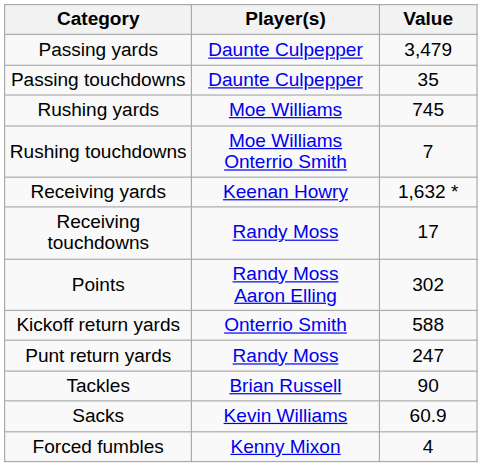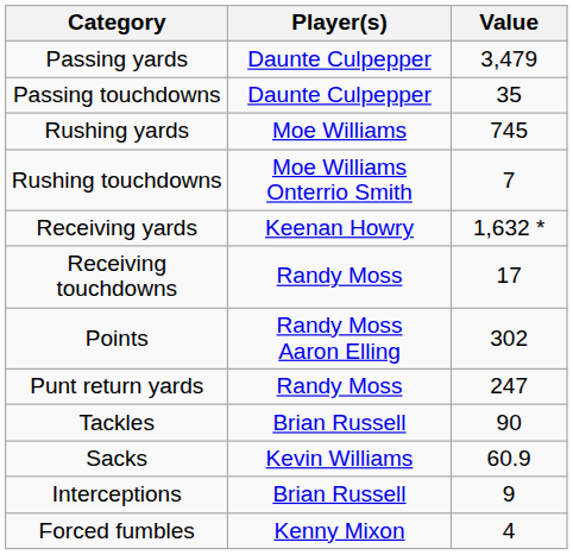 <table class="wikitable" style="text-align:center">
 <tr>
 <th width=150px>Category</th>
 <th width=150px>Player(s)</th>
 <th width=75px>Value</th>
 </tr>
 <tr>
 <td>Passing yards</td>
 <td><a href='#'>Daunte Culpepper</a></td>
 <td>3,479</td>
 </tr>
 <tr>
 <td>Passing touchdowns</td>
 <td><a href='#'>Daunte Culpepper</a></td>
 <td>35</td>
 </tr>
 <tr>
 <td>Rushing yards</td>
 <td><a href='#'>Moe Williams</a></td>
 <td>745</td>
 </tr>
 <tr>
 <td>Rushing touchdowns</td>
 <td><a href='#'>Moe Williams</a><br><a href='#'>Onterrio Smith</a></td>
 <td>7</td>
 </tr>
 <tr>
 <td>Receiving yards</td>
 <td><a href='#'>Keenan Howry</a></td>
 <td>1,632 *</td>
 </tr>
 <tr>
 <td>Receiving touchdowns</td>
 <td><a href='#'>Randy Moss</a></td>
 <td>17</td>
 </tr>
 <tr>
 <td>Points</td>
 <td><a href='#'>Randy Moss</a><br><a href='#'>Aaron Elling</a></td>
 <td>302</td>
 </tr>
 <tr>
-<td>Kickoff return yards</td>
-<td><a href='#'>Onterrio Smith</a></td>
-<td>588</td>
-</tr>
-<tr>
 <td>Punt return yards</td>
 <td><a href='#'>Randy Moss</a></td>
 <td>247</td>
 </tr>
 <tr>
 <td>Tackles</td>
 <td><a href='#'>Brian Russell</a></td>
 <td>90</td>
 </tr>
 <tr>
 <td>Sacks</td>
 <td><a href='#'>Kevin Williams</a></td>
 <td>60.9</td>
 </tr>
 <tr>
+<td>Interceptions</td>
+<td><a href='#'>Brian Russell</a></td>
+<td>9</td>
+</tr>
+<tr>
 <td>Forced fumbles</td>
 <td><a href='#'>Kenny Mixon</a></td>
 <td>4</td>
 </tr>
 </table>
